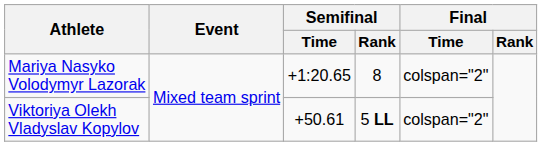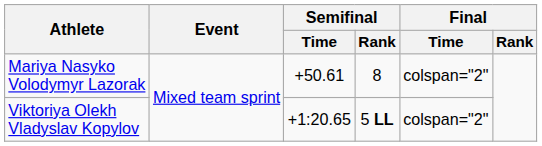 <table class="wikitable" style="text-align:center; font-size:90%">
 <tr>
 <th rowspan="2">Athlete</th>
 <th rowspan="2">Event</th>
 <th colspan="2">Semifinal</th>
 <th colspan="2">Final</th>
 </tr>
 <tr style="font-size:95%">
 <th>Time</th>
 <th>Rank</th>
 <th>Time</th>
 <th>Rank</th>
 </tr>
 <tr>
 <td align="left"><a href='#'>Mariya Nasyko</a><br><a href='#'>Volodymyr Lazorak</a></td>
 <td align="left" rowspan="2"><a href='#'>Mixed team sprint</a></td>
-<td>+1:20.65</td>
+<td>+50.61</td>
 <td>8</td>
 <td>colspan="2" </td>
 </tr>
 <tr>
 <td align="left"><a href='#'>Viktoriya Olekh</a><br><a href='#'>Vladyslav Kopylov</a></td>
-<td>+50.61</td>
+<td>+1:20.65</td>
 <td>5 <strong>LL</strong></td>
 <td>colspan="2" </td>
 </tr>
 </table>
